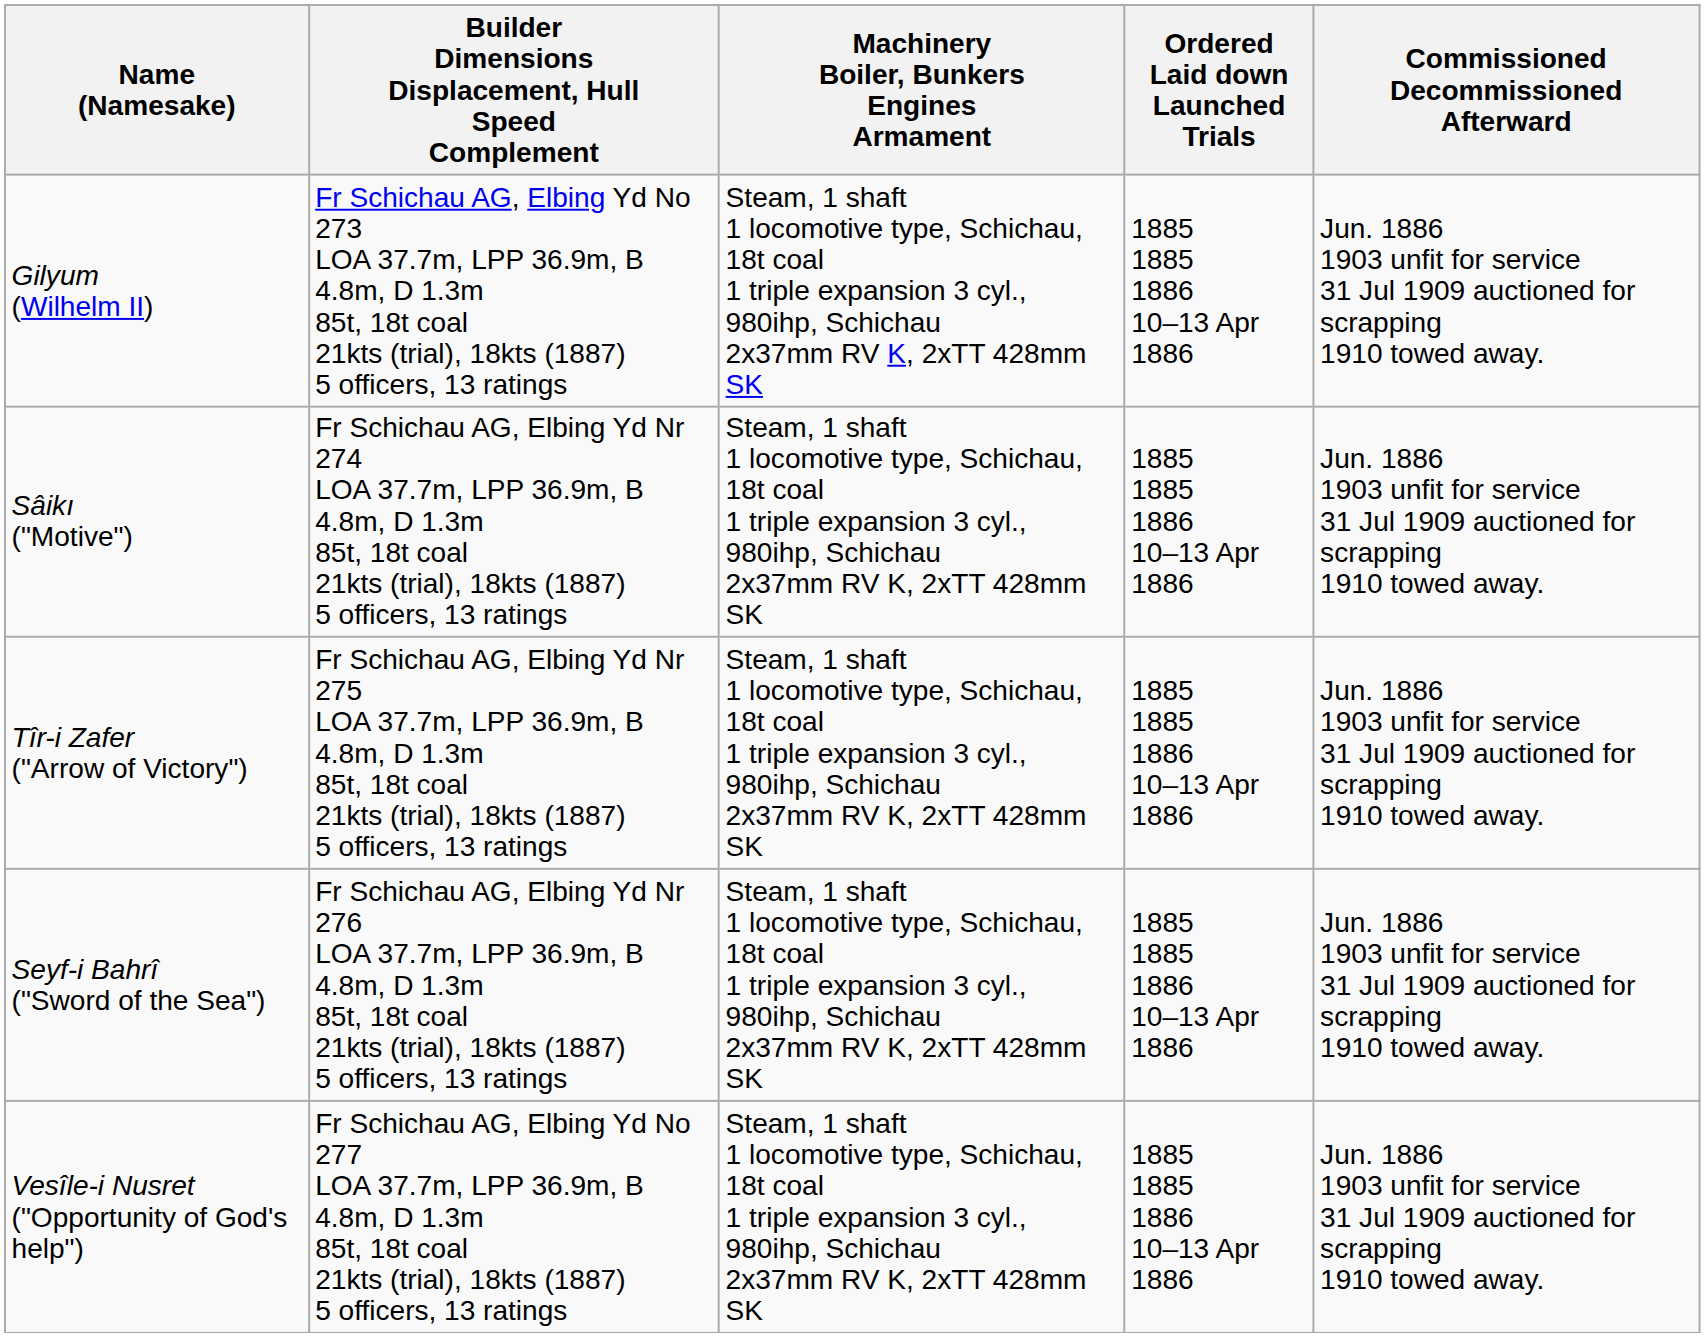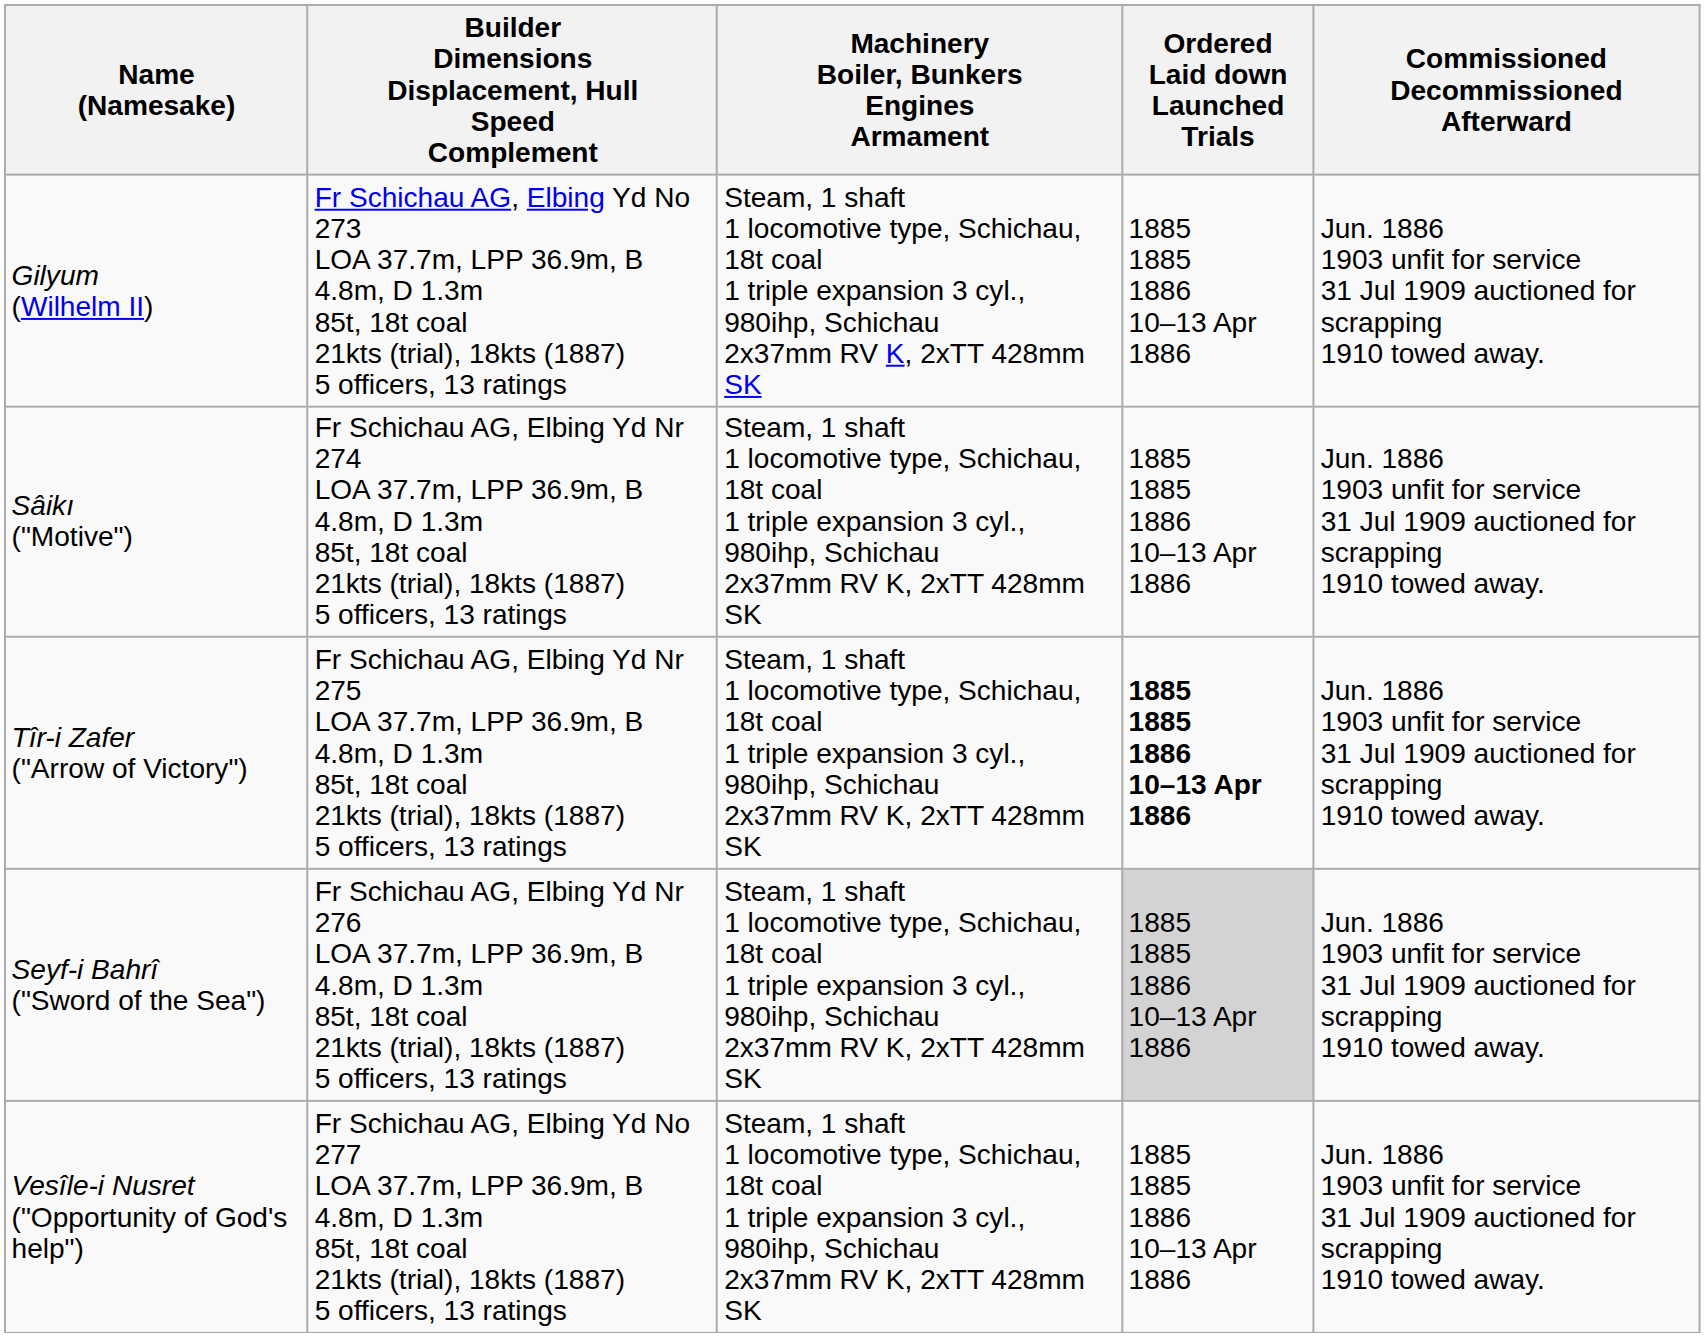 <table class="wikitable" style="font-size:90%;">
 <tr bgcolor="#e6e9ff">
 <th>Name<br>(Namesake)</th>
 <th>Builder<br>Dimensions<br>Displacement, Hull<br>Speed<br>Complement</th>
 <th>Machinery<br>Boiler, Bunkers<br>Engines<br>Armament</th>
 <th>Ordered<br>Laid down<br>Launched<br>Trials</th>
 <th>Commissioned<br>Decommissioned<br>Afterward</th>
 </tr>
 <tr ---->
 <td><em>Gilyum</em><br>(<a href='#'>Wilhelm II</a>)</td>
 <td> <a href='#'>Fr Schichau AG</a>, <a href='#'>Elbing</a> Yd No 273<br>LOA 37.7m, LPP 36.9m, B 4.8m, D 1.3m<br>85t, 18t coal<br>21kts (trial), 18kts (1887)<br>5 officers, 13 ratings</td>
 <td>Steam, 1 shaft<br>1 locomotive type, Schichau, 18t coal<br>1 triple expansion 3 cyl., 980ihp, Schichau<br>2x37mm RV <a href='#'>K</a>, 2xTT 428mm <a href='#'>SK</a></td>
 <td>1885<br>1885<br>1886<br>10–13 Apr 1886</td>
 <td>Jun. 1886<br>1903 unfit for service<br>31 Jul 1909 auctioned for scrapping<br>1910 towed away.</td>
 </tr>
 <tr ---->
 <td><em>Sâikı</em><br>("Motive")</td>
 <td> Fr Schichau AG, Elbing Yd Nr 274<br>LOA 37.7m, LPP 36.9m, B 4.8m, D 1.3m<br>85t, 18t coal<br>21kts (trial), 18kts (1887)<br>5 officers, 13 ratings</td>
 <td>Steam, 1 shaft<br>1 locomotive type, Schichau, 18t coal<br>1 triple expansion 3 cyl., 980ihp, Schichau<br>2x37mm RV K, 2xTT 428mm SK</td>
 <td>1885<br>1885<br>1886<br>10–13 Apr 1886</td>
 <td>Jun. 1886<br>1903 unfit for service<br>31 Jul 1909 auctioned for scrapping<br>1910 towed away.</td>
 </tr>
 <tr ---->
 <td><em>Tîr-i Zafer</em><br>("Arrow of Victory")</td>
 <td> Fr Schichau AG, Elbing Yd Nr 275<br>LOA 37.7m, LPP 36.9m, B 4.8m, D 1.3m<br>85t, 18t coal<br>21kts (trial), 18kts (1887)<br>5 officers, 13 ratings</td>
 <td>Steam, 1 shaft<br>1 locomotive type, Schichau, 18t coal<br>1 triple expansion 3 cyl., 980ihp, Schichau<br>2x37mm RV K, 2xTT 428mm SK</td>
-<td>1885<br>1885<br>1886<br>10–13 Apr 1886</td>
+<td><strong>1885<br>1885<br>1886<br>10–13 Apr 1886</strong></td>
 <td>Jun. 1886<br>1903 unfit for service<br>31 Jul 1909 auctioned for scrapping<br>1910 towed away.</td>
 </tr>
 <tr ---->
 <td><em>Seyf-i Bahrî</em><br>("Sword of the Sea")</td>
 <td> Fr Schichau AG, Elbing Yd Nr 276<br>LOA 37.7m, LPP 36.9m, B 4.8m, D 1.3m<br>85t, 18t coal<br>21kts (trial), 18kts (1887)<br>5 officers, 13 ratings</td>
 <td>Steam, 1 shaft<br>1 locomotive type, Schichau, 18t coal<br>1 triple expansion 3 cyl., 980ihp, Schichau<br>2x37mm RV K, 2xTT 428mm SK</td>
-<td>1885<br>1885<br>1886<br>10–13 Apr 1886</td>
+<td style="background: lightgrey;">1885<br>1885<br>1886<br>10–13 Apr 1886</td>
 <td>Jun. 1886<br>1903 unfit for service<br>31 Jul 1909 auctioned for scrapping<br>1910 towed away.</td>
 </tr>
 <tr ---->
 <td><em>Vesîle-i Nusret</em><br>("Opportunity of God's help")</td>
 <td> Fr Schichau AG, Elbing Yd No 277<br>LOA 37.7m, LPP 36.9m, B 4.8m, D 1.3m<br>85t, 18t coal<br>21kts (trial), 18kts (1887)<br>5 officers, 13 ratings</td>
 <td>Steam, 1 shaft<br>1 locomotive type, Schichau, 18t coal<br>1 triple expansion 3 cyl., 980ihp, Schichau<br>2x37mm RV K, 2xTT 428mm SK</td>
 <td>1885<br>1885<br>1886<br>10–13 Apr 1886</td>
 <td>Jun. 1886<br>1903 unfit for service<br>31 Jul 1909 auctioned for scrapping<br>1910 towed away.</td>
 </tr>
 <tr ---->
 </tr>
 </table>
